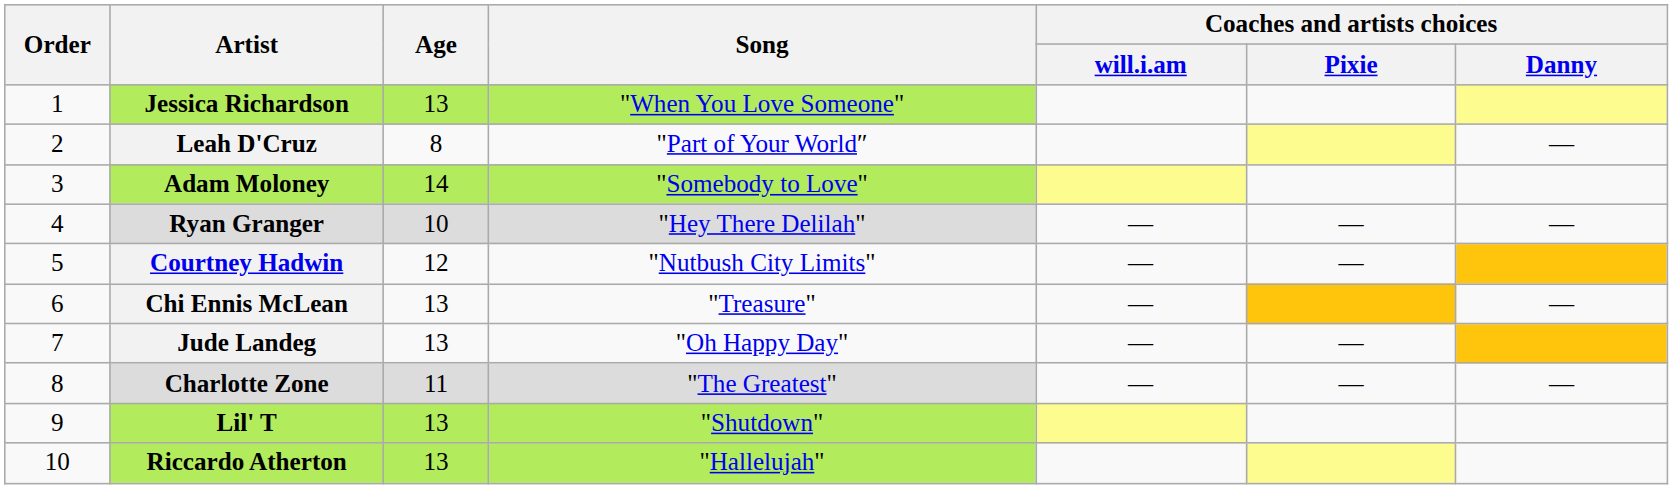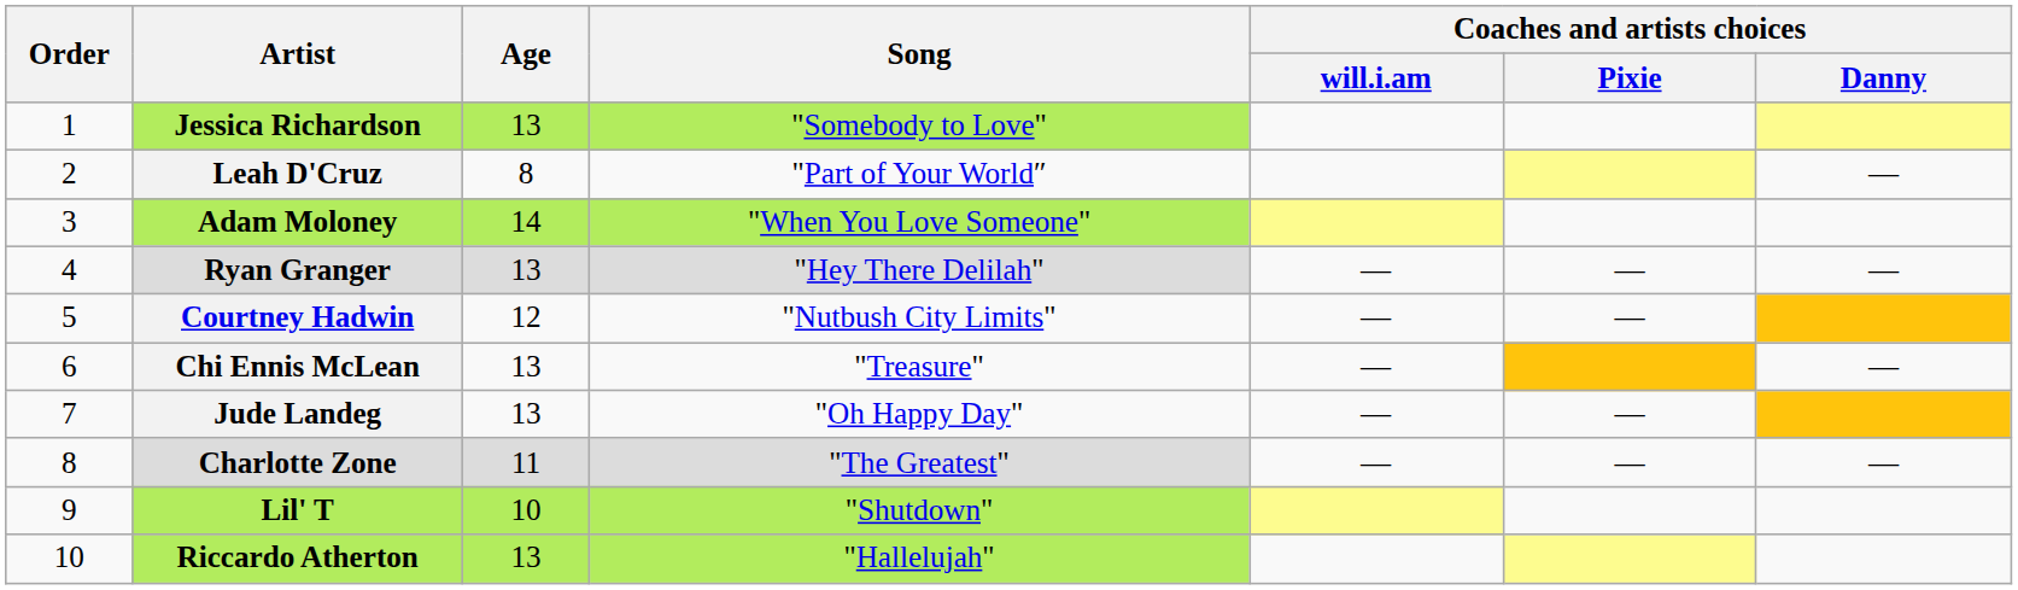 <table class="wikitable plainrowheaders" style="text-align:center;">
 <tr>
 <th scope="col" rowspan="2" style="width:05%;">Order</th>
 <th scope="col" rowspan="2" style="width:13%;">Artist</th>
 <th scope="col" rowspan="2" style="width:05%;">Age</th>
 <th scope="col" rowspan="2" style="width:26%;">Song</th>
 <th colspan="3" style="width:40%;">Coaches and artists choices</th>
 </tr>
 <tr>
 <th style="width:10%;"><a href='#'>will.i.am</a></th>
 <th style="width:10%;"><a href='#'>Pixie</a></th>
 <th style="width:10%;"><a href='#'>Danny</a></th>
 </tr>
 <tr>
 <td>1</td>
 <th scope="row" style="background-color:#B2EC5D;"><div> Jessica Richardson </div></th>
 <td style="background-color:#B2EC5D;">13</td>
-<td style="background-color:#B2EC5D;">"<a href='#'>When You Love Someone</a>"</td>
+<td style="background-color:#B2EC5D;">"<a href='#'>Somebody to Love</a>"</td>
 <td><strong></strong></td>
 <td><strong></strong></td>
 <td style="background:#fdfc8f;"><strong></strong></td>
 </tr>
 <tr>
 <td>2</td>
 <th scope="row"><div> Leah D'Cruz </div></th>
 <td>8</td>
 <td>"<a href='#'>Part of Your World</a>″</td>
 <td><strong></strong></td>
 <td style="background:#fdfc8f;"><strong></strong></td>
 <td>—</td>
 </tr>
 <tr>
 <td>3</td>
 <th scope="row" style="background-color:#B2EC5D;"><div> Adam Moloney </div></th>
 <td style="background-color:#B2EC5D;">14</td>
-<td style="background-color:#B2EC5D;">"<a href='#'>Somebody to Love</a>"</td>
+<td style="background-color:#B2EC5D;">"<a href='#'>When You Love Someone</a>"</td>
 <td style="background:#fdfc8f;"><strong></strong></td>
 <td><strong></strong></td>
 <td><strong></strong></td>
 </tr>
 <tr>
 <td>4</td>
 <th scope="row" style="background:#DCDCDC;"><div> Ryan Granger </div></th>
-<td style="background:#DCDCDC;">10</td>
+<td style="background:#DCDCDC;">13</td>
 <td style="background:#DCDCDC;">"<a href='#'>Hey There Delilah</a>"</td>
 <td>—</td>
 <td>—</td>
 <td>—</td>
 </tr>
 <tr>
 <td>5</td>
 <th scope="row"><div> <a href='#'>Courtney Hadwin</a> </div></th>
 <td>12</td>
 <td>"<a href='#'>Nutbush City Limits</a>"</td>
 <td>—</td>
 <td>—</td>
 <td style="background:#FFC40C;"><strong></strong></td>
 </tr>
 <tr>
 <td>6</td>
 <th scope="row"><div> Chi Ennis McLean </div></th>
 <td>13</td>
 <td>"<a href='#'>Treasure</a>"</td>
 <td>—</td>
 <td style="background:#FFC40C;"><strong></strong></td>
 <td>—</td>
 </tr>
 <tr>
 <td>7</td>
 <th scope="row"><div> Jude Landeg</div></th>
 <td>13</td>
 <td>"<a href='#'>Oh Happy Day</a>"</td>
 <td>—</td>
 <td>—</td>
 <td style="background:#FFC40C;"><strong></strong></td>
 </tr>
 <tr>
 <td>8</td>
 <th scope="row" style="background:#DCDCDC;"><div> Charlotte Zone </div></th>
 <td style="background:#DCDCDC;">11</td>
 <td style="background:#DCDCDC;">"<a href='#'>The Greatest</a>"</td>
 <td>—</td>
 <td>—</td>
 <td>—</td>
 </tr>
 <tr>
 <td>9</td>
 <th scope="row" style="background-color:#B2EC5D;"><div> Lil' T </div></th>
-<td style="background-color:#B2EC5D;">13</td>
+<td style="background-color:#B2EC5D;">10</td>
 <td style="background-color:#B2EC5D;">"<a href='#'>Shutdown</a>"</td>
 <td style="background:#fdfc8f;"><strong></strong></td>
 <td><strong></strong></td>
 <td><strong></strong></td>
 </tr>
 <tr>
 <td>10</td>
 <th scope="row" style="background-color:#B2EC5D;"><div> Riccardo Atherton</div></th>
 <td style="background-color:#B2EC5D;">13</td>
 <td style="background-color:#B2EC5D;">"<a href='#'>Hallelujah</a>"</td>
 <td><strong></strong></td>
 <td style="background:#fdfc8f;"><strong></strong></td>
 <td><strong></strong></td>
 </tr>
 </table>
